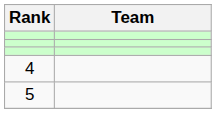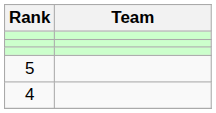 <table class="wikitable" style="text-align:center">
 <tr>
 <th width=40>Rank</th>
 <th width=140>Team</th>
 </tr>
 <tr bgcolor=#ccffcc>
 <td></td>
 <td style="text-align:left"></td>
 </tr>
 <tr bgcolor=#ccffcc>
 <td></td>
 <td style="text-align:left"></td>
 </tr>
 <tr bgcolor=#ccffcc>
 <td></td>
 <td style="text-align:left"></td>
 </tr>
 <tr>
-<td>4</td>
+<td>5</td>
 <td style="text-align:left"></td>
 </tr>
 <tr>
-<td>5</td>
+<td>4</td>
 <td style="text-align:left"></td>
 </tr>
 <tr>
 </tr>
 </table>
